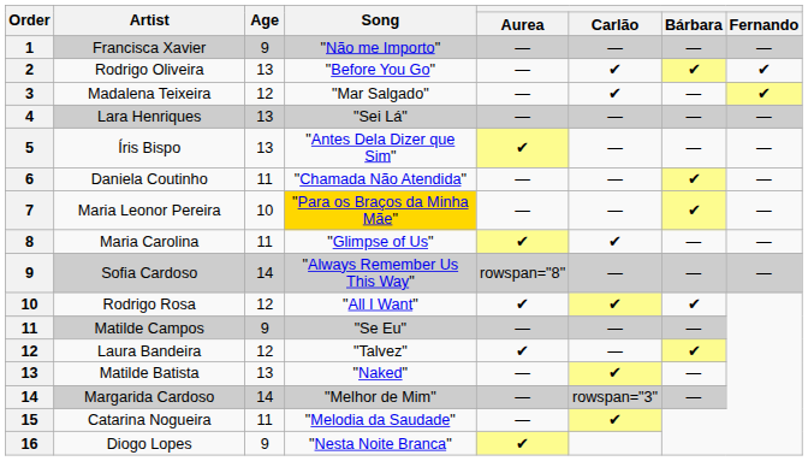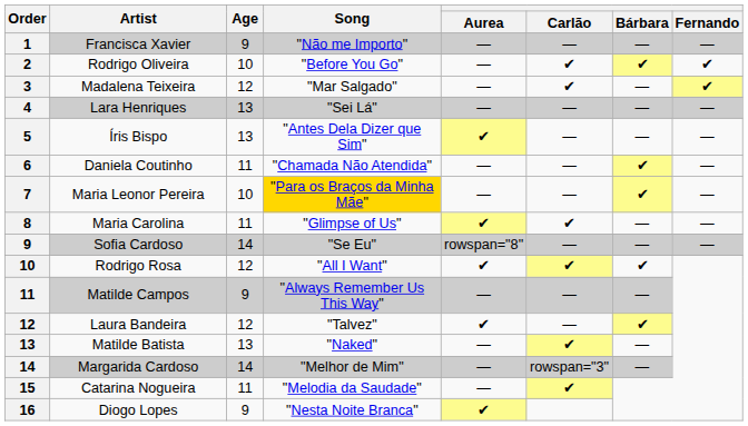 <table class="wikitable" style="text-align:center; line-height:17px; width:95%">
 <tr>
 <th rowspan="2" width="05%">Order</th>
 <th rowspan="2" width="25%">Artist</th>
 <th rowspan="2" width="05%">Age</th>
 <th rowspan="2" width="25%">Song</th>
 <th colspan="4"></th>
 </tr>
 <tr>
 <th width="08%">Aurea</th>
 <th width="08%">Carlão</th>
 <th width="08%">Bárbara</th>
 <th width="08%">Fernando</th>
 </tr>
 <tr style="background:#cdcdcd">
 <th>1</th>
 <td>Francisca Xavier</td>
 <td>9</td>
 <td>"<a href='#'>Não me Importo</a>"</td>
 <td>—</td>
 <td>—</td>
 <td>—</td>
 <td>—</td>
 </tr>
 <tr>
 <th>2</th>
 <td>Rodrigo Oliveira</td>
-<td>13</td>
+<td>10</td>
 <td>"<a href='#'>Before You Go</a>"</td>
 <td>—</td>
 <td>✔</td>
 <td style="background:#fdfc8f">✔</td>
 <td>✔</td>
 </tr>
 <tr>
 <th>3</th>
 <td>Madalena Teixeira</td>
 <td>12</td>
 <td>"Mar Salgado"</td>
 <td>—</td>
 <td>✔</td>
 <td>—</td>
 <td style="background:#fdfc8f">✔</td>
 </tr>
 <tr style="background:#cdcdcd">
 <th>4</th>
 <td>Lara Henriques</td>
 <td>13</td>
 <td>"Sei Lá"</td>
 <td>—</td>
 <td>—</td>
 <td>—</td>
 <td>—</td>
 </tr>
 <tr>
 <th>5</th>
 <td>Íris Bispo</td>
 <td>13</td>
 <td>"<a href='#'>Antes Dela Dizer que Sim</a>"</td>
 <td style="background:#fdfc8f">✔</td>
 <td>—</td>
 <td>—</td>
 <td>—</td>
 </tr>
 <tr>
 <th>6</th>
 <td>Daniela Coutinho</td>
 <td>11</td>
 <td>"<a href='#'>Chamada Não Atendida</a>"</td>
 <td>—</td>
 <td>—</td>
 <td style="background:#fdfc8f">✔</td>
 <td>—</td>
 </tr>
 <tr>
 <th>7</th>
 <td>Maria Leonor Pereira</td>
 <td>10</td>
 <td style="background: gold;">"<a href='#'>Para os Braços da Minha Mãe</a>"</td>
 <td>—</td>
 <td>—</td>
 <td style="background:#fdfc8f">✔</td>
 <td>—</td>
 </tr>
 <tr>
 <th>8</th>
 <td>Maria Carolina</td>
 <td>11</td>
 <td>"<a href='#'>Glimpse of Us</a>"</td>
 <td style="background:#fdfc8f">✔</td>
 <td>✔</td>
 <td>—</td>
 <td>—</td>
 </tr>
 <tr style="background:#cdcdcd">
 <th>9</th>
 <td>Sofia Cardoso</td>
 <td>14</td>
-<td>"<a href='#'>Always Remember Us This Way</a>"</td>
+<td>"Se Eu"</td>
 <td>rowspan="8" </td>
 <td>—</td>
 <td>—</td>
 <td>—</td>
 </tr>
 <tr>
 <th>10</th>
 <td>Rodrigo Rosa</td>
 <td>12</td>
 <td>"<a href='#'>All I Want</a>"</td>
 <td>✔</td>
 <td style="background:#fdfc8f">✔</td>
 <td>✔</td>
 </tr>
 <tr style="background:#cdcdcd">
 <th>11</th>
 <td>Matilde Campos</td>
 <td>9</td>
-<td>"Se Eu"</td>
+<td>"<a href='#'>Always Remember Us This Way</a>"</td>
 <td>—</td>
 <td>—</td>
 <td>—</td>
 </tr>
 <tr>
 <th>12</th>
 <td>Laura Bandeira</td>
 <td>12</td>
 <td>"Talvez"</td>
 <td>✔</td>
 <td>—</td>
 <td style="background:#fdfc8f">✔</td>
 </tr>
 <tr>
 <th>13</th>
 <td>Matilde Batista</td>
 <td>13</td>
 <td>"<a href='#'>Naked</a>"</td>
 <td>—</td>
 <td style="background:#fdfc8f">✔</td>
 <td>—</td>
 </tr>
 <tr style="background:#cdcdcd">
 <th>14</th>
 <td>Margarida Cardoso</td>
 <td>14</td>
 <td>"Melhor de Mim"</td>
 <td>—</td>
 <td>rowspan="3" </td>
 <td>—</td>
 </tr>
 <tr>
 <th>15</th>
 <td>Catarina Nogueira</td>
 <td>11</td>
 <td>"<a href='#'>Melodia da Saudade</a>"</td>
 <td>—</td>
 <td style="background:#fdfc8f">✔</td>
 </tr>
 <tr>
 <th>16</th>
 <td>Diogo Lopes</td>
 <td>9</td>
 <td>"<a href='#'>Nesta Noite Branca</a>"</td>
 <td style="background:#fdfc8f">✔</td>
 <td></td>
 </tr>
 </table>
